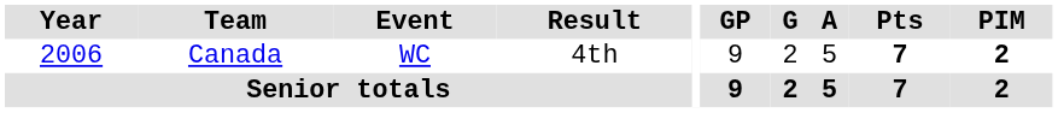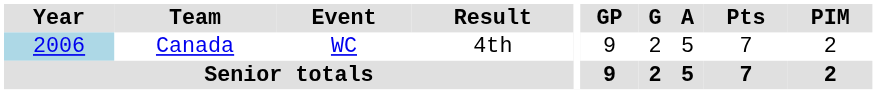 <table border="0" cellpadding="1" cellspacing="0" ID="Table3" style="text-align:center; width:40em">
 <tr ALIGN="center" bgcolor="#e0e0e0">
 <th>Year</th>
 <th>Team</th>
 <th>Event</th>
 <th>Result</th>
 <th rowspan="99" bgcolor="#ffffff"></th>
 <th>GP</th>
 <th>G</th>
 <th>A</th>
 <th>Pts</th>
 <th>PIM</th>
 </tr>
 <tr>
-<td><a href='#'>2006</a></td>
+<td style="background: lightblue;"><a href='#'>2006</a></td>
 <td><a href='#'>Canada</a></td>
 <td><a href='#'>WC</a></td>
 <td>4th</td>
 <td>9</td>
 <td>2</td>
 <td>5</td>
-<td><strong>7</strong></td>
-<td><strong>2</strong></td>
+<td>7</td>
+<td>2</td>
 </tr>
 <tr bgcolor="#e0e0e0">
 <th colspan=4>Senior totals</th>
 <th>9</th>
 <th>2</th>
 <th>5</th>
 <th>7</th>
 <th>2</th>
 </tr>
 </table>
